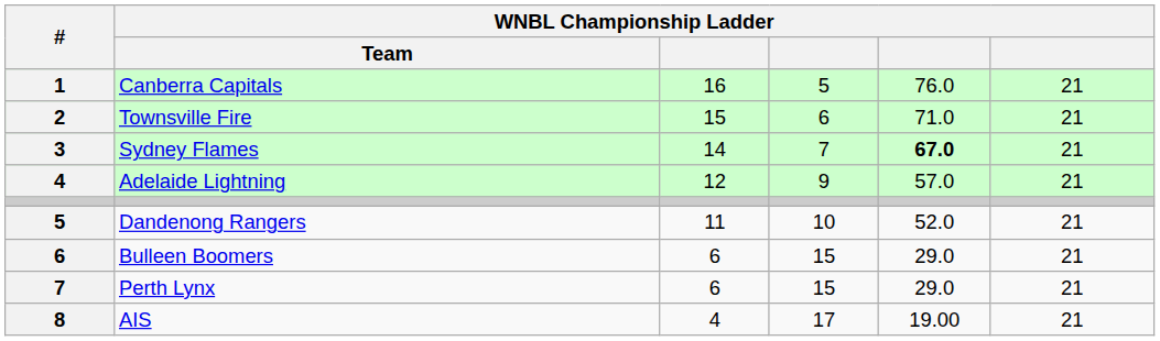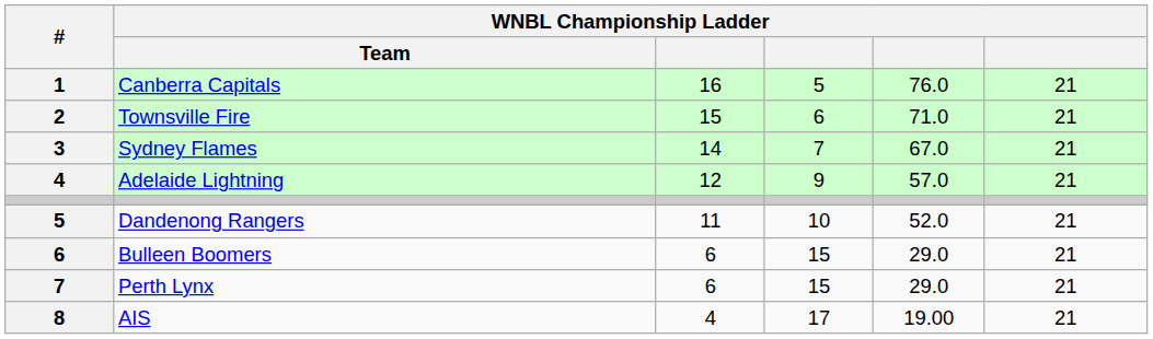 <table class="wikitable" width="43.5%" style="font-size:95%; text-align:center">
 <tr>
 <th width="5%" rowspan=2>#</th>
 <th colspan="6" align="center"><strong>WNBL Championship Ladder</strong></th>
 </tr>
 <tr>
 <th width="25%">Team</th>
 <th width="5%"></th>
 <th width="5%"></th>
 <th width="5%"></th>
 <th width="7.5%"></th>
 </tr>
 <tr style="background-color:#CCFFCC">
 <th>1</th>
 <td style="text-align:left;"><a href='#'>Canberra Capitals</a></td>
 <td>16</td>
 <td>5</td>
 <td>76.0</td>
 <td>21</td>
 </tr>
 <tr style="background-color:#CCFFCC">
 <th>2</th>
 <td style="text-align:left;"><a href='#'>Townsville Fire</a></td>
 <td>15</td>
 <td>6</td>
 <td>71.0</td>
 <td>21</td>
 </tr>
 <tr style="background-color:#CCFFCC">
 <th>3</th>
 <td style="text-align:left;"><a href='#'>Sydney Flames</a></td>
 <td>14</td>
 <td>7</td>
-<td><strong>67.0</strong></td>
+<td>67.0</td>
 <td>21</td>
 </tr>
 <tr style="background-color:#CCFFCC">
 <th>4</th>
 <td style="text-align:left;"><a href='#'>Adelaide Lightning</a></td>
 <td>12</td>
 <td>9</td>
 <td>57.0</td>
 <td>21</td>
 </tr>
 <tr style="background-color:#cccccc;">
 <td></td>
 <td></td>
 <td></td>
 <td></td>
 <td></td>
 <td></td>
 </tr>
 <tr>
 <th>5</th>
 <td style="text-align:left;"><a href='#'>Dandenong Rangers</a></td>
 <td>11</td>
 <td>10</td>
 <td>52.0</td>
 <td>21</td>
 </tr>
 <tr>
 <th>6</th>
 <td style="text-align:left;"><a href='#'>Bulleen Boomers</a></td>
 <td>6</td>
 <td>15</td>
 <td>29.0</td>
 <td>21</td>
 </tr>
 <tr>
 <th>7</th>
 <td style="text-align:left;"><a href='#'>Perth Lynx</a></td>
 <td>6</td>
 <td>15</td>
 <td>29.0</td>
 <td>21</td>
 </tr>
 <tr>
 <th>8</th>
 <td style="text-align:left;"><a href='#'>AIS</a></td>
 <td>4</td>
 <td>17</td>
 <td>19.00</td>
 <td>21</td>
 </tr>
 </table>
